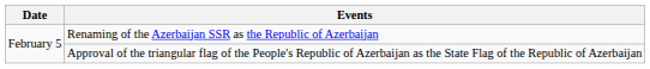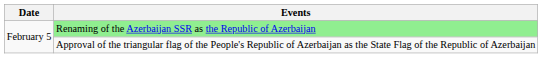 <table class="wikitable">
 <tr>
 <th>Date</th>
 <th>Events</th>
 </tr>
 <tr>
 <td rowspan="2">February 5</td>
-<td>Renaming of the <a href='#'>Azerbaijan SSR</a> as <a href='#'>the Republic of Azerbaijan</a></td>
+<td style="background: lightgreen;">Renaming of the <a href='#'>Azerbaijan SSR</a> as <a href='#'>the Republic of Azerbaijan</a></td>
 </tr>
 <tr>
 <td>Approval of the triangular flag of the People's Republic of Azerbaijan as the State Flag of the Republic of Azerbaijan</td>
 </tr>
 </table>
